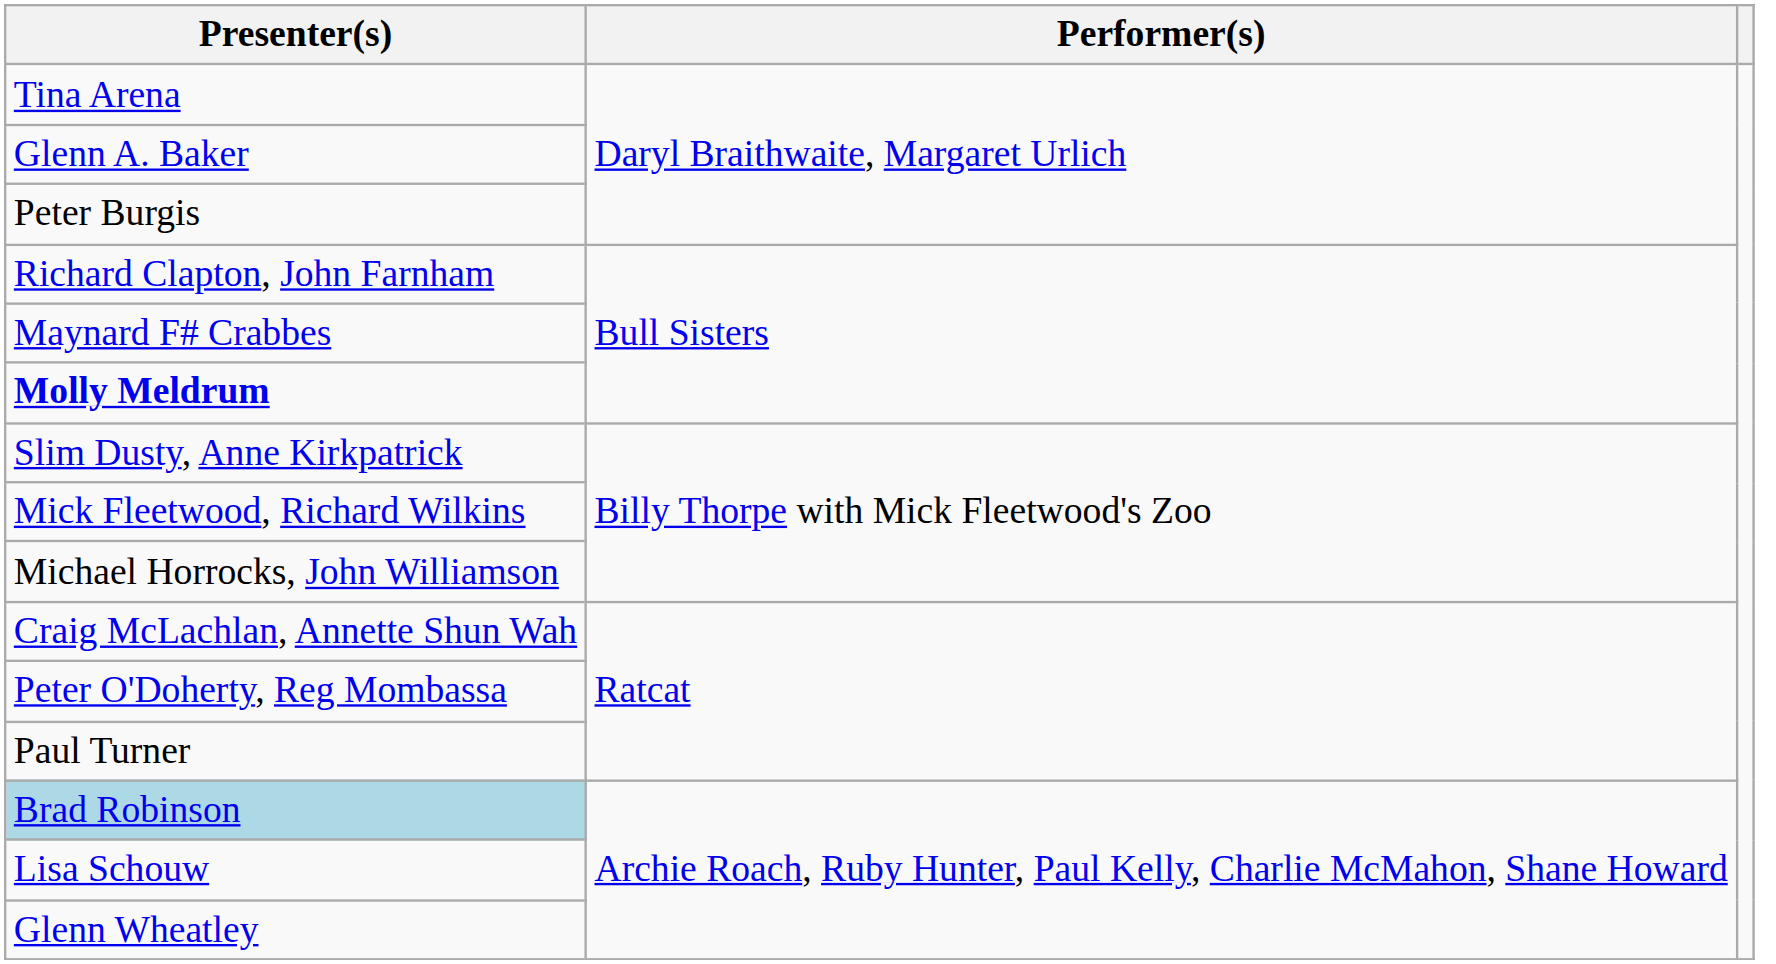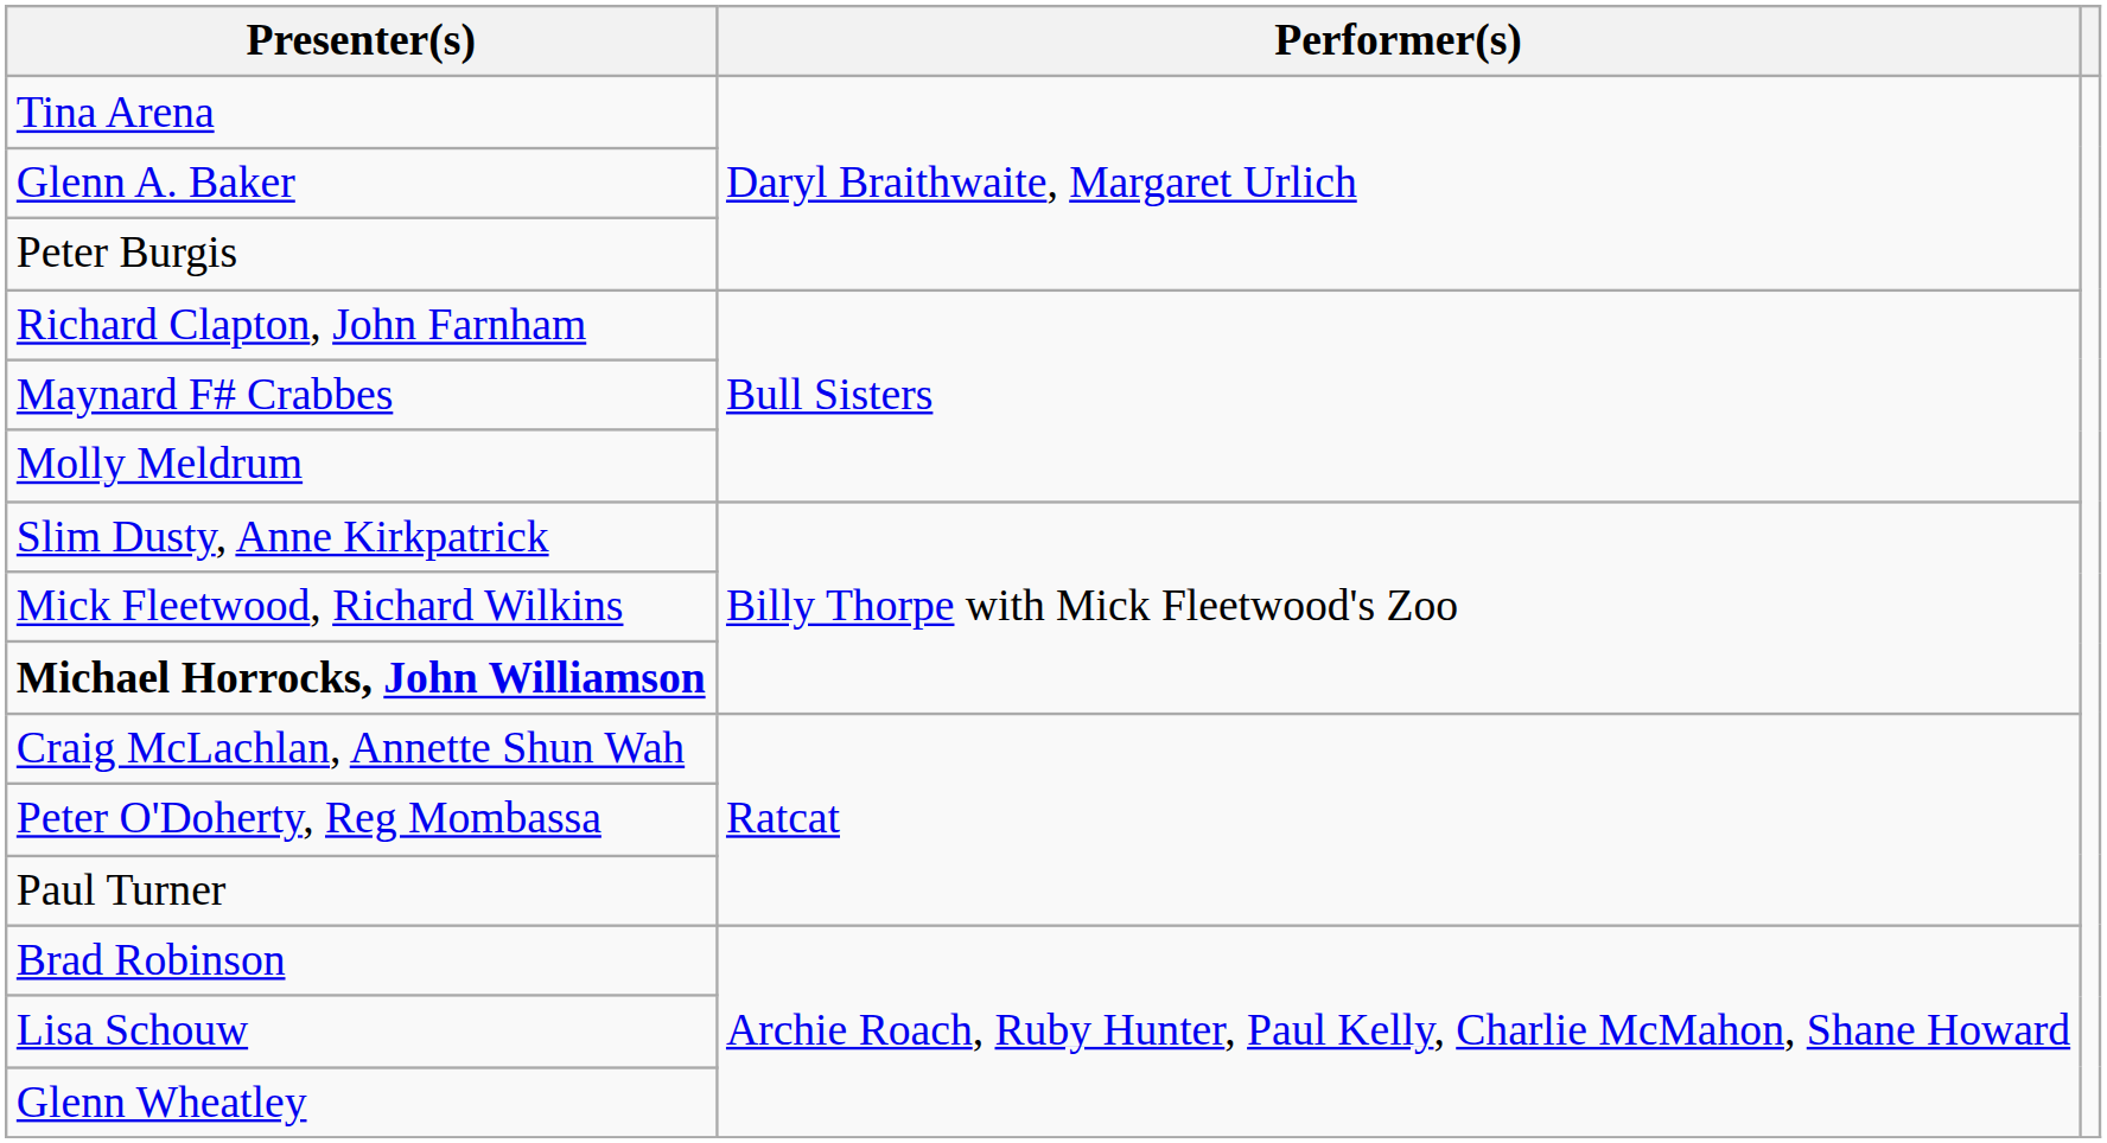 <table class="wikitable plainrowheaders">
 <tr>
 <th scope="col">Presenter(s)</th>
 <th scope="col">Performer(s)</th>
 <th scope="col"></th>
 </tr>
 <tr>
 <td><a href='#'>Tina Arena</a></td>
 <td rowspan="3"><a href='#'>Daryl Braithwaite</a>, <a href='#'>Margaret Urlich</a></td>
 <td rowspan="15"></td>
 </tr>
 <tr>
 <td><a href='#'>Glenn A. Baker</a></td>
 </tr>
 <tr>
 <td>Peter Burgis</td>
 </tr>
 <tr>
 <td><a href='#'>Richard Clapton</a>, <a href='#'>John Farnham</a></td>
 <td rowspan="3"><a href='#'>Bull Sisters</a></td>
 </tr>
 <tr>
 <td><a href='#'>Maynard F# Crabbes</a></td>
 </tr>
 <tr>
-<td><strong><a href='#'>Molly Meldrum</a></strong></td>
+<td><a href='#'>Molly Meldrum</a></td>
 </tr>
 <tr>
 <td><a href='#'>Slim Dusty</a>, <a href='#'>Anne Kirkpatrick</a></td>
 <td rowspan="3"><a href='#'>Billy Thorpe</a> with Mick Fleetwood's Zoo</td>
 </tr>
 <tr>
 <td><a href='#'>Mick Fleetwood</a>, <a href='#'>Richard Wilkins</a></td>
 </tr>
 <tr>
-<td>Michael Horrocks, <a href='#'>John Williamson</a></td>
+<td><strong>Michael Horrocks, <a href='#'>John Williamson</a></strong></td>
 </tr>
 <tr>
 <td><a href='#'>Craig McLachlan</a>, <a href='#'>Annette Shun Wah</a></td>
 <td rowspan="3"><a href='#'>Ratcat</a></td>
 </tr>
 <tr>
 <td><a href='#'>Peter O'Doherty</a>, <a href='#'>Reg Mombassa</a></td>
 </tr>
 <tr>
 <td>Paul Turner</td>
 </tr>
 <tr>
-<td style="background: lightblue;"><a href='#'>Brad Robinson</a></td>
+<td><a href='#'>Brad Robinson</a></td>
 <td rowspan="3"><a href='#'>Archie Roach</a>, <a href='#'>Ruby Hunter</a>, <a href='#'>Paul Kelly</a>, <a href='#'>Charlie McMahon</a>, <a href='#'>Shane Howard</a></td>
 </tr>
 <tr>
 <td><a href='#'>Lisa Schouw</a></td>
 </tr>
 <tr>
 <td><a href='#'>Glenn Wheatley</a></td>
 </tr>
 </table>
